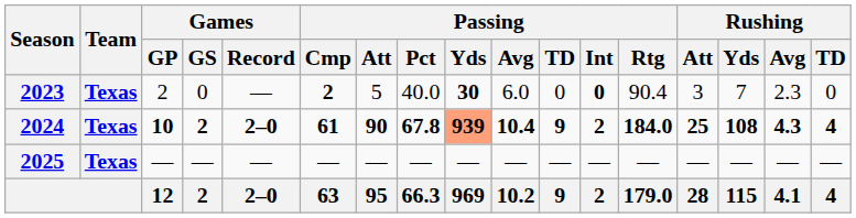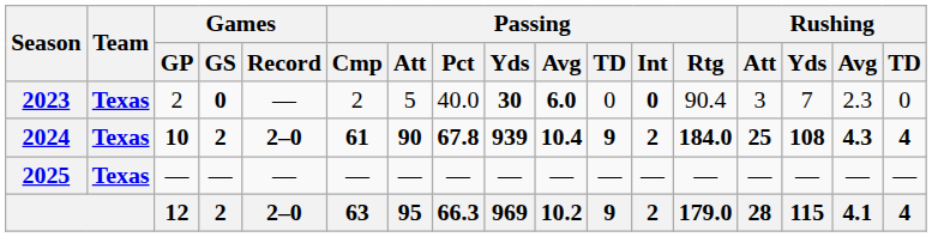 <table class="wikitable" style="text-align:center;">
 <tr>
 <th rowspan="2">Season</th>
 <th rowspan="2">Team</th>
 <th colspan="3">Games</th>
 <th colspan="8">Passing</th>
 <th colspan="4">Rushing</th>
 </tr>
 <tr>
 <th>GP</th>
 <th>GS</th>
 <th>Record</th>
 <th>Cmp</th>
 <th>Att</th>
 <th>Pct</th>
 <th>Yds</th>
 <th>Avg</th>
 <th>TD</th>
 <th>Int</th>
 <th>Rtg</th>
 <th>Att</th>
 <th>Yds</th>
 <th>Avg</th>
 <th>TD</th>
 </tr>
 <tr>
 <th><a href='#'>2023</a></th>
 <th><a href='#'>Texas</a></th>
 <td>2</td>
-<td>0</td>
+<td><strong>0</strong></td>
 <td>—</td>
-<td><strong>2</strong></td>
+<td>2</td>
 <td>5</td>
 <td>40.0</td>
 <td><strong>30</strong></td>
-<td>6.0</td>
+<td><strong>6.0</strong></td>
 <td>0</td>
 <td><strong>0</strong></td>
 <td>90.4</td>
 <td>3</td>
 <td>7</td>
 <td>2.3</td>
 <td>0</td>
 </tr>
 <tr>
 <th><a href='#'>2024</a></th>
 <th><a href='#'>Texas</a></th>
 <td><strong>10</strong></td>
 <td><strong>2</strong></td>
 <td><strong>2–0</strong></td>
 <td><strong>61</strong></td>
 <td><strong>90</strong></td>
 <td><strong>67.8</strong></td>
-<td style="background: lightsalmon;"><strong>939</strong></td>
+<td><strong>939</strong></td>
 <td><strong>10.4</strong></td>
 <td><strong>9</strong></td>
 <td><strong>2</strong></td>
 <td><strong>184.0</strong></td>
 <td><strong>25</strong></td>
 <td><strong>108</strong></td>
 <td><strong>4.3</strong></td>
 <td><strong>4</strong></td>
 </tr>
 <tr>
 <th><a href='#'>2025</a></th>
 <th><a href='#'>Texas</a></th>
 <td>—</td>
 <td>—</td>
 <td>—</td>
 <td>—</td>
 <td>—</td>
 <td>—</td>
 <td>—</td>
 <td>—</td>
 <td>—</td>
 <td>—</td>
 <td>—</td>
 <td>—</td>
 <td>—</td>
 <td>—</td>
 <td>—</td>
 </tr>
 <tr>
 <th colspan="2"></th>
 <th>12</th>
 <th>2</th>
 <th>2–0</th>
 <th><strong>63</strong></th>
 <th><strong>95</strong></th>
 <th><strong>66.3</strong></th>
 <th><strong>969</strong></th>
 <th>10.2</th>
 <th><strong>9</strong></th>
 <th>2</th>
 <th>179.0</th>
 <th>28</th>
 <th><strong>115</strong></th>
 <th><strong>4.1</strong></th>
 <th>4</th>
 </tr>
 </table>
